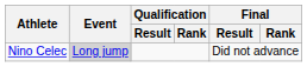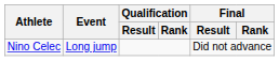 <table class="wikitable" style="font-size:90%; text-align:center">
 <tr>
 <th rowspan="2">Athlete</th>
 <th rowspan="2">Event</th>
 <th colspan="2">Qualification</th>
 <th colspan="2">Final</th>
 </tr>
 <tr>
 <th>Result</th>
 <th>Rank</th>
 <th>Result</th>
 <th>Rank</th>
 </tr>
 <tr>
 <td align="left"><a href='#'>Nino Celec</a></td>
-<td align="left" style="background: lightgrey;"><a href='#'>Long jump</a></td>
+<td align="left"><a href='#'>Long jump</a></td>
 <td colspan=2></td>
 <td colspan="2">Did not advance</td>
 </tr>
 </table>
